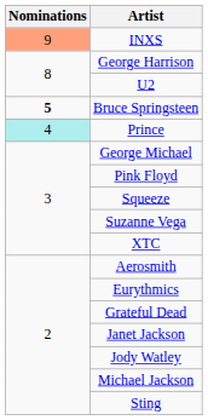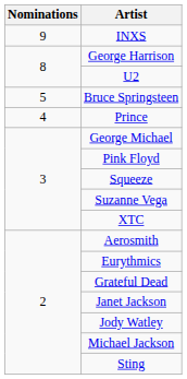 <table class="wikitable" rowspan="2" style="text-align:center">
 <tr>
 <th scope="col" style="width:55px;">Nominations</th>
 <th scope="col" style="text-align:center;">Artist</th>
 </tr>
 <tr>
-<td style="background: lightsalmon; text-align:center">9</td>
+<td style="text-align:center">9</td>
 <td><a href='#'>INXS</a></td>
 </tr>
 <tr>
 <td rowspan="2" style="text-align:center">8</td>
 <td><a href='#'>George Harrison</a></td>
 </tr>
 <tr>
 <td><a href='#'>U2</a></td>
 </tr>
 <tr>
-<td style="text-align:center"><strong>5</strong></td>
+<td style="text-align:center">5</td>
 <td><a href='#'>Bruce Springsteen</a></td>
 </tr>
 <tr>
-<td style="background: paleturquoise; text-align:center">4</td>
+<td style="text-align:center">4</td>
 <td><a href='#'>Prince</a></td>
 </tr>
 <tr>
 <td rowspan="5" style="text-align:center">3</td>
 <td><a href='#'>George Michael</a></td>
 </tr>
 <tr>
 <td><a href='#'>Pink Floyd</a></td>
 </tr>
 <tr>
 <td><a href='#'>Squeeze</a></td>
 </tr>
 <tr>
 <td><a href='#'>Suzanne Vega</a></td>
 </tr>
 <tr>
 <td><a href='#'>XTC</a></td>
 </tr>
 <tr>
 <td rowspan="7" style="text-align:center">2</td>
 <td><a href='#'>Aerosmith</a></td>
 </tr>
 <tr>
 <td><a href='#'>Eurythmics</a></td>
 </tr>
 <tr>
 <td><a href='#'>Grateful Dead</a></td>
 </tr>
 <tr>
 <td><a href='#'>Janet Jackson</a></td>
 </tr>
 <tr>
 <td><a href='#'>Jody Watley</a></td>
 </tr>
 <tr>
 <td><a href='#'>Michael Jackson</a></td>
 </tr>
 <tr>
 <td><a href='#'>Sting</a></td>
 </tr>
 </table>
